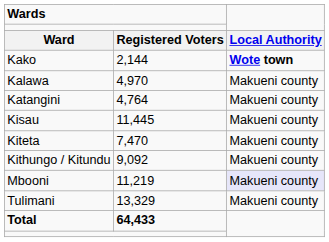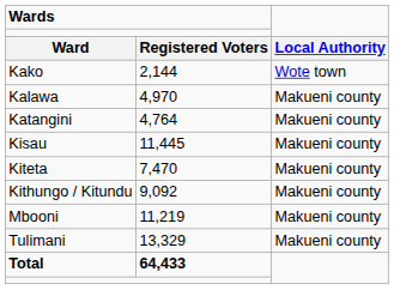 <table class="wikitable">
 <tr>
 <td colspan="2"><strong>Wards</strong></td>
 </tr>
 <tr>
 <td colspan="2"></td>
 </tr>
 <tr>
 <th>Ward</th>
 <th>Registered Voters</th>
 <th><a href='#'>Local Authority</a></th>
 </tr>
 <tr>
 <td>Kako</td>
 <td>2,144</td>
-<td><strong><a href='#'>Wote</a> town</strong></td>
+<td><a href='#'>Wote</a> town</td>
 </tr>
 <tr>
 <td>Kalawa</td>
 <td>4,970</td>
 <td>Makueni county</td>
 </tr>
 <tr>
 <td>Katangini</td>
 <td>4,764</td>
 <td>Makueni county</td>
 </tr>
 <tr>
 <td>Kisau</td>
 <td>11,445</td>
 <td>Makueni county</td>
 </tr>
 <tr>
 <td>Kiteta</td>
 <td>7,470</td>
 <td>Makueni county</td>
 </tr>
 <tr>
 <td>Kithungo / Kitundu</td>
 <td>9,092</td>
 <td>Makueni county</td>
 </tr>
 <tr>
 <td>Mbooni</td>
 <td>11,219</td>
-<td style="background: lavender;">Makueni county</td>
+<td>Makueni county</td>
 </tr>
 <tr>
 <td>Tulimani</td>
 <td>13,329</td>
 <td>Makueni county</td>
 </tr>
 <tr>
 <td><strong>Total</strong></td>
 <td><strong>64,433</strong></td>
 </tr>
 <tr>
 <td colspan="2"></td>
 </tr>
 </table>
